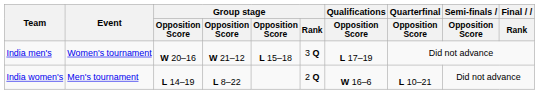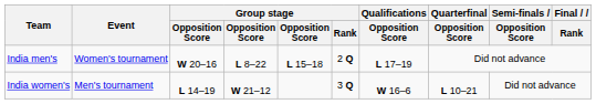 <table class=wikitable style=font-size:90%;text-align:center>
 <tr>
 <th rowspan=2>Team</th>
 <th rowspan=2>Event</th>
 <th colspan="4">Group stage</th>
 <th>Qualifications</th>
 <th>Quarterfinal</th>
 <th>Semi-finals / </th>
 <th colspan=2>Final /  / </th>
 </tr>
 <tr style="font-size:95%">
 <th>Opposition<br>Score</th>
 <th>Opposition<br>Score</th>
 <th>Opposition<br>Score</th>
 <th>Rank</th>
 <th>Opposition<br>Score</th>
 <th>Opposition<br>Score</th>
 <th>Opposition<br>Score</th>
 <th>Rank</th>
 </tr>
 <tr>
 <td align=left><a href='#'>India men's</a></td>
 <td align=left><a href='#'>Women's tournament</a></td>
 <td><br><strong>W</strong> 20–16</td>
-<td><br><strong>W</strong> 21–12</td>
+<td><br> <strong>L</strong> 8–22</td>
 <td><br><strong>L</strong> 15–18</td>
-<td>3 <strong>Q</strong></td>
+<td>2 <strong>Q</strong></td>
 <td><br><strong>L</strong> 17–19</td>
 <td colspan="3">Did not advance</td>
 </tr>
 <tr>
 <td align=left><a href='#'>India women's</a></td>
 <td align=left><a href='#'>Men's tournament</a></td>
 <td><br><strong>L</strong> 14–19</td>
-<td><br> <strong>L</strong> 8–22</td>
+<td><br><strong>W</strong> 21–12</td>
 <td></td>
-<td>2 <strong>Q</strong></td>
+<td>3 <strong>Q</strong></td>
 <td><br><strong>W</strong> 16–6</td>
 <td><br><strong>L</strong> 10–21</td>
 <td colspan="2">Did not advance</td>
 </tr>
 </table>
